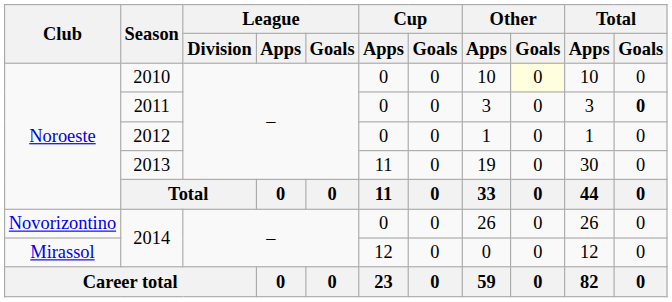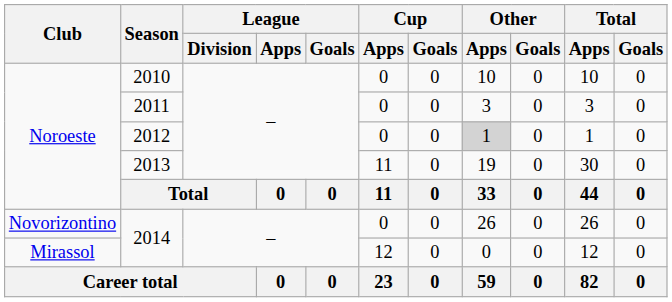 <table class="wikitable" style="text-align: center">
 <tr>
 <th rowspan="2">Club</th>
 <th rowspan="2">Season</th>
 <th colspan="3">League</th>
 <th colspan="2">Cup</th>
 <th colspan="2">Other</th>
 <th colspan="2">Total</th>
 </tr>
 <tr>
 <th>Division</th>
 <th>Apps</th>
 <th>Goals</th>
 <th>Apps</th>
 <th>Goals</th>
 <th>Apps</th>
 <th>Goals</th>
 <th>Apps</th>
 <th>Goals</th>
 </tr>
 <tr>
 <td rowspan="5"><a href='#'>Noroeste</a></td>
 <td>2010</td>
 <td colspan="3" rowspan="4">–</td>
 <td>0</td>
 <td>0</td>
 <td>10</td>
-<td style="background: lightyellow;">0</td>
+<td>0</td>
 <td>10</td>
 <td>0</td>
 </tr>
 <tr>
 <td>2011</td>
 <td>0</td>
 <td>0</td>
 <td>3</td>
 <td>0</td>
 <td>3</td>
-<td><strong>0</strong></td>
+<td>0</td>
 </tr>
 <tr>
 <td>2012</td>
 <td>0</td>
 <td>0</td>
-<td>1</td>
+<td style="background: lightgrey;">1</td>
 <td>0</td>
 <td>1</td>
 <td>0</td>
 </tr>
 <tr>
 <td>2013</td>
 <td>11</td>
 <td>0</td>
 <td>19</td>
 <td>0</td>
 <td>30</td>
 <td>0</td>
 </tr>
 <tr>
 <th colspan="2"><strong>Total</strong></th>
 <th>0</th>
 <th>0</th>
 <th>11</th>
 <th>0</th>
 <th>33</th>
 <th>0</th>
 <th>44</th>
 <th>0</th>
 </tr>
 <tr>
 <td><a href='#'>Novorizontino</a></td>
 <td rowspan="2">2014</td>
 <td colspan="3" rowspan="2">–</td>
 <td>0</td>
 <td>0</td>
 <td>26</td>
 <td>0</td>
 <td>26</td>
 <td>0</td>
 </tr>
 <tr>
 <td><a href='#'>Mirassol</a></td>
 <td>12</td>
 <td>0</td>
 <td>0</td>
 <td>0</td>
 <td>12</td>
 <td>0</td>
 </tr>
 <tr>
 <th colspan="3"><strong>Career total</strong></th>
 <th>0</th>
 <th>0</th>
 <th>23</th>
 <th>0</th>
 <th>59</th>
 <th>0</th>
 <th>82</th>
 <th>0</th>
 </tr>
 </table>
